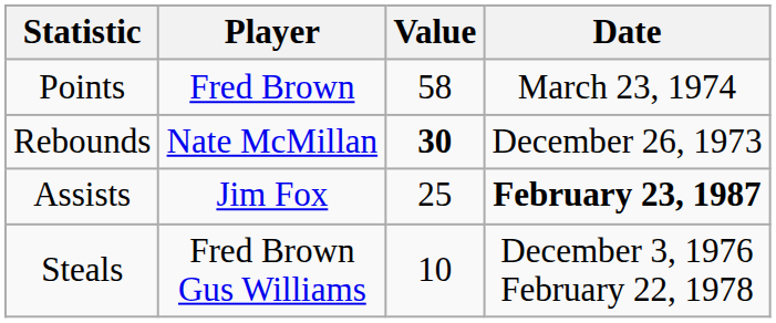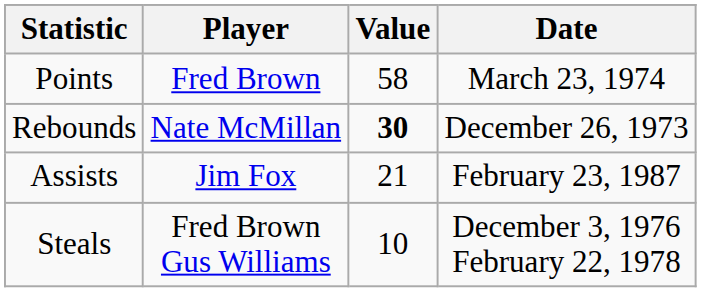 <table class="wikitable" style="text-align:center">
 <tr>
 <th>Statistic</th>
 <th>Player</th>
 <th>Value</th>
 <th>Date</th>
 </tr>
 <tr>
 <td>Points</td>
 <td><a href='#'>Fred Brown</a></td>
 <td>58</td>
 <td>March 23, 1974</td>
 </tr>
 <tr>
 <td>Rebounds</td>
 <td><a href='#'>Nate McMillan</a></td>
 <td><strong>30</strong></td>
 <td>December 26, 1973</td>
 </tr>
 <tr>
 <td>Assists</td>
 <td><a href='#'>Jim Fox</a></td>
-<td>25</td>
-<td><strong>February 23, 1987</strong></td>
+<td>21</td>
+<td>February 23, 1987</td>
 </tr>
 <tr>
 <td>Steals</td>
 <td>Fred Brown<br><a href='#'>Gus Williams</a></td>
 <td>10</td>
 <td>December 3, 1976<br>February 22, 1978</td>
 </tr>
 </table>
